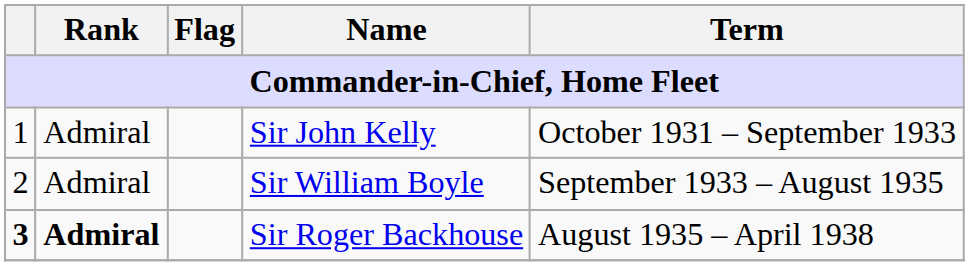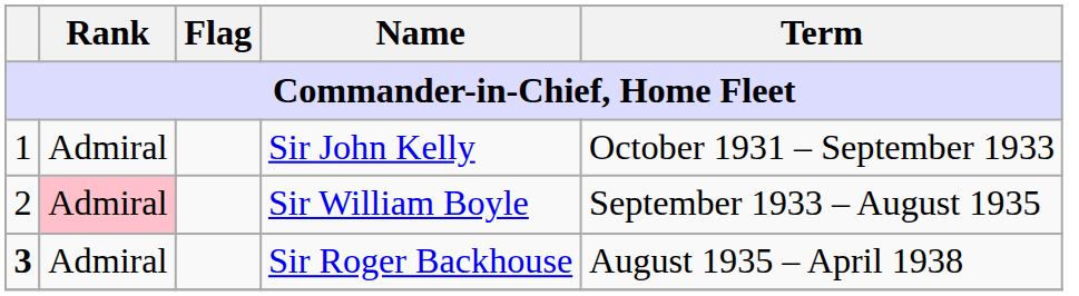 <table class="wikitable">
 <tr>
 <th></th>
 <th>Rank</th>
 <th>Flag</th>
 <th>Name</th>
 <th>Term</th>
 </tr>
 <tr>
 <td colspan="5" align="center" style="background:#dcdcfe;"><strong>Commander-in-Chief, Home Fleet</strong></td>
 </tr>
 <tr>
 <td>1</td>
 <td>Admiral</td>
 <td></td>
 <td><a href='#'>Sir John Kelly</a></td>
 <td>October 1931 – September 1933</td>
 </tr>
 <tr>
 <td>2</td>
-<td>Admiral</td>
+<td style="background: pink;">Admiral</td>
 <td></td>
 <td><a href='#'>Sir William Boyle</a></td>
 <td>September 1933 – August 1935</td>
 </tr>
 <tr>
 <td><strong>3</strong></td>
-<td><strong>Admiral</strong></td>
+<td>Admiral</td>
 <td></td>
 <td><a href='#'>Sir Roger Backhouse</a></td>
 <td>August 1935 – April 1938</td>
 </tr>
 <tr>
 </tr>
 </table>
